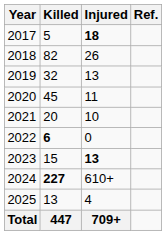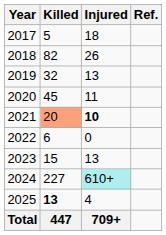 <table class="wikitable sortable">
 <tr>
 <th>Year</th>
 <th>Killed</th>
 <th>Injured</th>
 <th>Ref.</th>
 </tr>
 <tr>
 <td>2017</td>
 <td>5</td>
-<td><strong>18</strong></td>
+<td>18</td>
 <td></td>
 </tr>
 <tr>
 <td>2018</td>
 <td>82</td>
 <td>26</td>
 <td></td>
 </tr>
 <tr>
 <td>2019</td>
 <td>32</td>
 <td>13</td>
 <td></td>
 </tr>
 <tr>
 <td>2020</td>
 <td>45</td>
 <td>11</td>
 <td></td>
 </tr>
 <tr>
 <td>2021</td>
-<td>20</td>
-<td>10</td>
+<td style="background: lightsalmon;">20</td>
+<td><strong>10</strong></td>
 <td></td>
 </tr>
 <tr>
 <td>2022</td>
-<td><strong>6</strong></td>
+<td>6</td>
 <td>0</td>
 <td></td>
 </tr>
 <tr>
 <td>2023</td>
 <td>15</td>
-<td><strong>13</strong></td>
+<td>13</td>
 <td></td>
 </tr>
 <tr>
 <td>2024</td>
-<td><strong>227</strong></td>
-<td>610+</td>
+<td>227</td>
+<td style="background: paleturquoise;">610+</td>
 <td></td>
 </tr>
 <tr>
 <td>2025</td>
-<td>13</td>
+<td><strong>13</strong></td>
 <td>4</td>
 <td></td>
 </tr>
 <tr>
 <th>Total</th>
 <th>447</th>
 <th>709+</th>
 </tr>
 </table>
